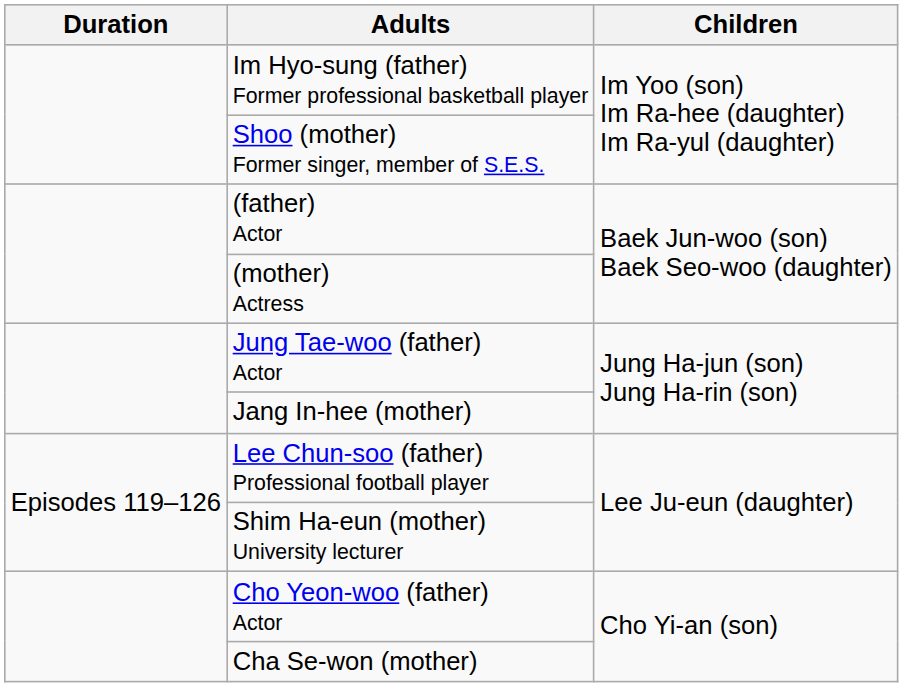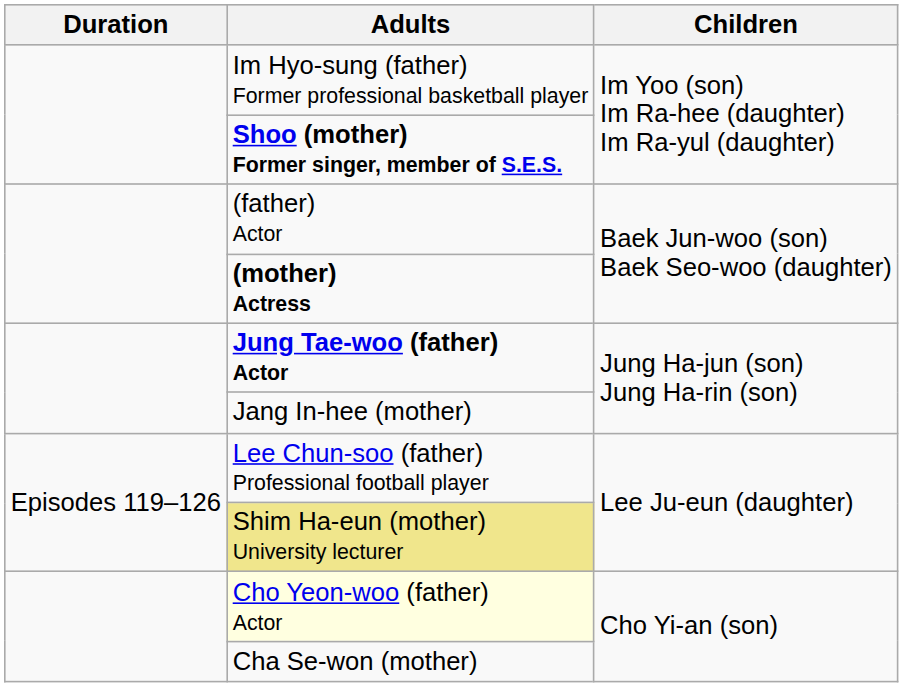 <table class="wikitable">
 <tr>
 <th>Duration</th>
 <th>Adults</th>
 <th>Children</th>
 </tr>
 <tr>
 <td rowspan="2"></td>
 <td>Im Hyo-sung (father)<br><small>Former professional basketball player</small></td>
 <td rowspan="2">Im Yoo (son)<br>Im Ra-hee (daughter)<br>Im Ra-yul (daughter)</td>
 </tr>
 <tr>
-<td><a href='#'>Shoo</a> (mother)<br><small>Former singer, member of <a href='#'>S.E.S.</a></small></td>
+<td><strong><a href='#'>Shoo</a> (mother)<br><small>Former singer, member of <a href='#'>S.E.S.</a></small></strong></td>
 </tr>
 <tr>
 <td rowspan="2"></td>
 <td> (father)<br><small>Actor</small></td>
 <td rowspan="2">Baek Jun-woo (son)<br>Baek Seo-woo (daughter)</td>
 </tr>
 <tr>
-<td> (mother)<br><small>Actress</small></td>
+<td><strong> (mother)<br><small>Actress</small></strong></td>
 </tr>
 <tr>
 <td rowspan="2"></td>
-<td><a href='#'>Jung Tae-woo</a> (father)<br><small>Actor</small></td>
+<td><strong><a href='#'>Jung Tae-woo</a> (father)<br><small>Actor</small></strong></td>
 <td rowspan="2">Jung Ha-jun (son)<br>Jung Ha-rin (son)</td>
 </tr>
 <tr>
 <td>Jang In-hee (mother)</td>
 </tr>
 <tr>
 <td rowspan="2">Episodes 119–126</td>
 <td><a href='#'>Lee Chun-soo</a> (father)<br><small>Professional football player</small></td>
 <td rowspan="2">Lee Ju-eun (daughter)</td>
 </tr>
 <tr>
-<td>Shim Ha-eun (mother)<br><small>University lecturer</small></td>
+<td style="background: khaki;">Shim Ha-eun (mother)<br><small>University lecturer</small></td>
 </tr>
 <tr>
 <td rowspan="2"></td>
-<td><a href='#'>Cho Yeon-woo</a> (father)<br><small>Actor</small></td>
+<td style="background: lightyellow;"><a href='#'>Cho Yeon-woo</a> (father)<br><small>Actor</small></td>
 <td rowspan="2">Cho Yi-an (son)</td>
 </tr>
 <tr>
 <td>Cha Se-won (mother)</td>
 </tr>
 </table>
